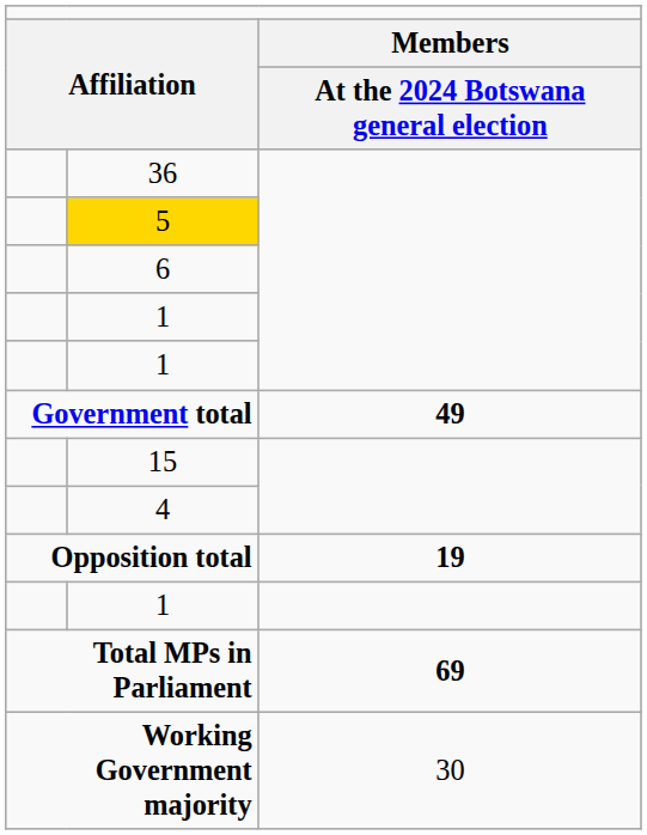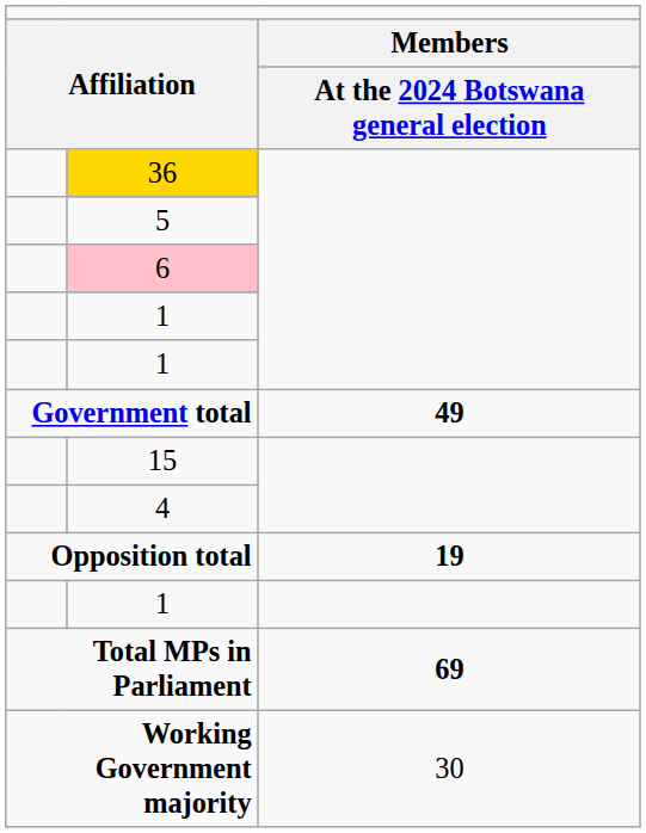 <table class="wikitable" border="1" style="font-size:95%; width:250pt; text-align:center">
 <tr>
 <td colspan="3"></td>
 </tr>
 <tr>
 <th colspan="2" rowspan="2" style="text-align:center;vertical-align:middle; ">Affiliation</th>
 <th style="vertical-align:top;">Members</th>
 </tr>
 <tr>
 <th>At the <a href='#'>2024 Botswana general election</a></th>
 </tr>
 <tr>
 <td></td>
-<td>36</td>
+<td style="background: gold;">36</td>
 </tr>
 <tr>
 <td></td>
-<td style="background: gold;">5</td>
+<td>5</td>
 </tr>
 <tr>
 <td></td>
-<td>6</td>
+<td style="background: pink;">6</td>
 </tr>
 <tr>
 <td></td>
 <td>1</td>
 </tr>
 <tr>
 <td></td>
 <td>1</td>
 </tr>
 <tr>
 <td colspan="2" style="text-align:right; "><strong><a href='#'>Government</a> total</strong></td>
 <td><strong>49</strong></td>
 </tr>
 <tr>
 <td></td>
 <td>15</td>
 </tr>
 <tr>
 <td></td>
 <td>4</td>
 </tr>
 <tr>
 <td colspan="2" style="text-align:right; "><strong>Opposition total</strong></td>
 <td><strong>19</strong></td>
 </tr>
 <tr>
 <td></td>
 <td>1</td>
 </tr>
 <tr>
 <td colspan="2" style="text-align:right; "><strong>Total MPs in<br>Parliament</strong></td>
 <td><strong>69</strong></td>
 </tr>
 <tr>
 <td colspan="2" style="text-align:right; "><strong>Working Government<br>majority</strong></td>
 <td>30</td>
 </tr>
 </table>
